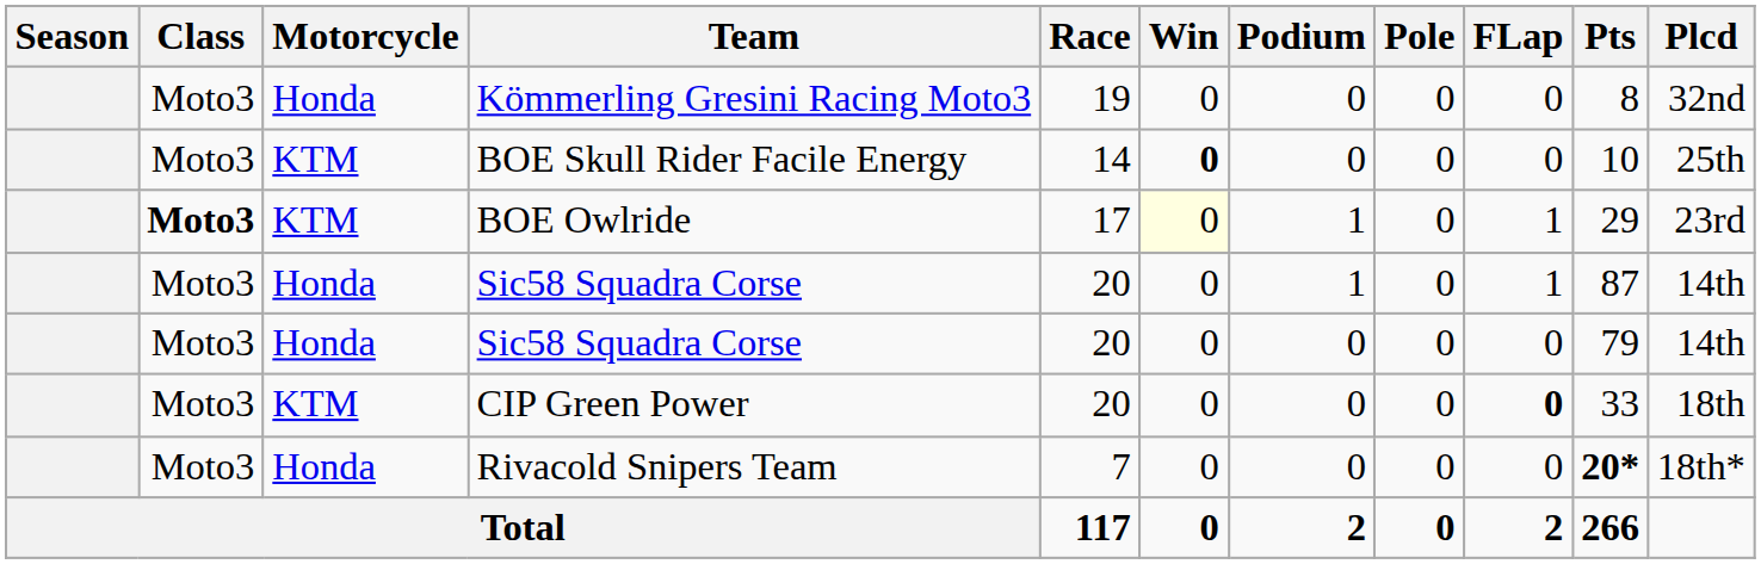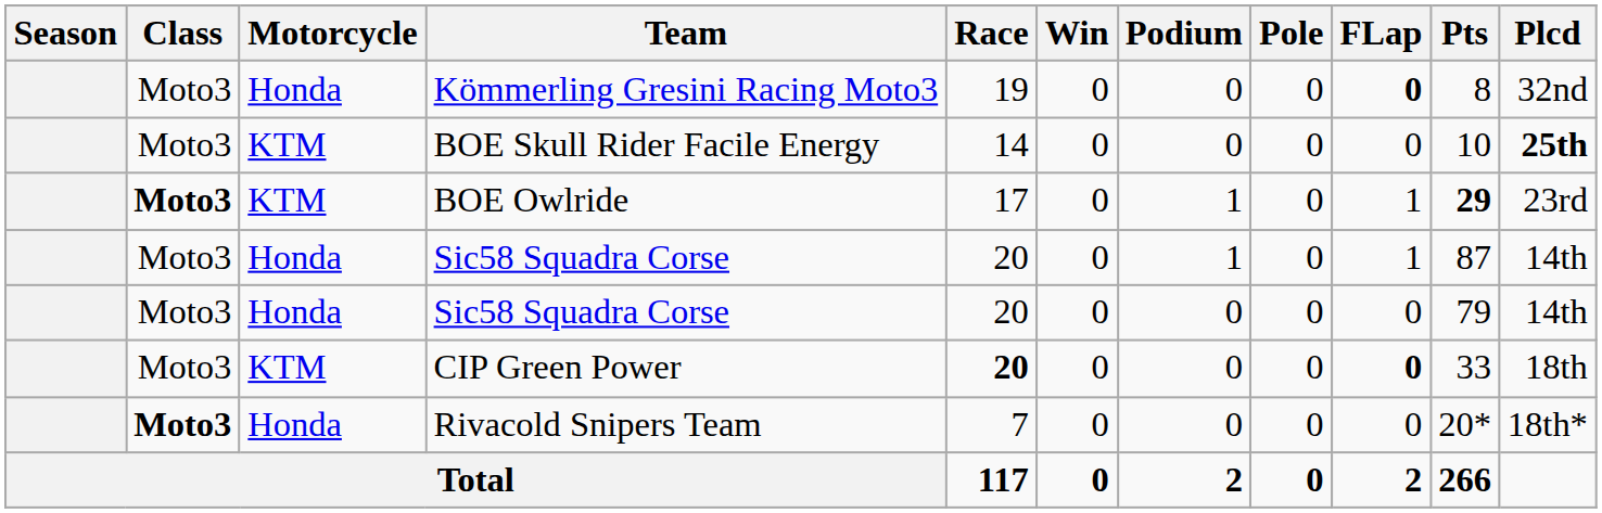 <table class="wikitable" style="text-align:right;">
 <tr>
 <th>Season</th>
 <th>Class</th>
 <th>Motorcycle</th>
 <th>Team</th>
 <th>Race</th>
 <th>Win</th>
 <th>Podium</th>
 <th>Pole</th>
 <th>FLap</th>
 <th>Pts</th>
 <th>Plcd</th>
 </tr>
 <tr>
 <th></th>
 <td>Moto3</td>
 <td style="text-align:left;"><a href='#'>Honda</a></td>
 <td style="text-align:left;"><a href='#'>Kömmerling Gresini Racing Moto3</a></td>
 <td>19</td>
 <td>0</td>
 <td>0</td>
 <td>0</td>
-<td>0</td>
+<td><strong>0</strong></td>
 <td>8</td>
 <td>32nd</td>
 </tr>
 <tr>
 <th></th>
 <td>Moto3</td>
 <td style="text-align:left;"><a href='#'>KTM</a></td>
 <td style="text-align:left;">BOE Skull Rider Facile Energy</td>
 <td>14</td>
-<td><strong>0</strong></td>
+<td>0</td>
 <td>0</td>
 <td>0</td>
 <td>0</td>
 <td>10</td>
-<td>25th</td>
+<td><strong>25th</strong></td>
 </tr>
 <tr>
 <th></th>
 <td><strong>Moto3</strong></td>
 <td style="text-align:left;"><a href='#'>KTM</a></td>
 <td style="text-align:left;">BOE Owlride</td>
 <td>17</td>
-<td style="background: lightyellow;">0</td>
+<td>0</td>
 <td>1</td>
 <td>0</td>
 <td>1</td>
-<td>29</td>
+<td><strong>29</strong></td>
 <td>23rd</td>
 </tr>
 <tr>
 <th></th>
 <td>Moto3</td>
 <td style="text-align:left;"><a href='#'>Honda</a></td>
 <td style="text-align:left;"><a href='#'>Sic58 Squadra Corse</a></td>
 <td>20</td>
 <td>0</td>
 <td>1</td>
 <td>0</td>
 <td>1</td>
 <td>87</td>
 <td>14th</td>
 </tr>
 <tr>
 <th></th>
 <td>Moto3</td>
 <td style="text-align:left;"><a href='#'>Honda</a></td>
 <td style="text-align:left;"><a href='#'>Sic58 Squadra Corse</a></td>
 <td>20</td>
 <td>0</td>
 <td>0</td>
 <td>0</td>
 <td>0</td>
 <td>79</td>
 <td>14th</td>
 </tr>
 <tr>
 <th></th>
 <td>Moto3</td>
 <td style="text-align:left;"><a href='#'>KTM</a></td>
 <td style="text-align:left;">CIP Green Power</td>
-<td>20</td>
+<td><strong>20</strong></td>
 <td>0</td>
 <td>0</td>
 <td>0</td>
 <td><strong>0</strong></td>
 <td>33</td>
 <td>18th</td>
 </tr>
 <tr>
 <th></th>
-<td>Moto3</td>
+<td><strong>Moto3</strong></td>
 <td style="text-align:left;"><a href='#'>Honda</a></td>
 <td style="text-align:left;">Rivacold Snipers Team</td>
 <td>7</td>
 <td>0</td>
 <td>0</td>
 <td>0</td>
 <td>0</td>
-<td><strong>20*</strong></td>
+<td>20*</td>
 <td>18th*</td>
 </tr>
 <tr>
 <th colspan="4">Total</th>
 <td><strong>117</strong></td>
 <td><strong>0</strong></td>
 <td><strong>2</strong></td>
 <td><strong>0</strong></td>
 <td><strong>2</strong></td>
 <td><strong>266</strong></td>
 <td></td>
 </tr>
 </table>
